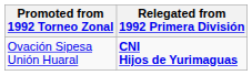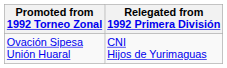 <table class="wikitable">
 <tr>
 <th>Promoted from<br><a href='#'>1992 Torneo Zonal</a></th>
 <th>Relegated from<br><a href='#'>1992 Primera División</a></th>
 </tr>
 <tr>
 <td> <a href='#'>Ovación Sipesa</a> <br> <a href='#'>Unión Huaral</a> </td>
-<td><strong> <a href='#'>CNI</a> <br> <a href='#'>Hijos de Yurimaguas</a> </strong></td>
+<td> <a href='#'>CNI</a> <br> <a href='#'>Hijos de Yurimaguas</a> </td>
 </tr>
 </table>
